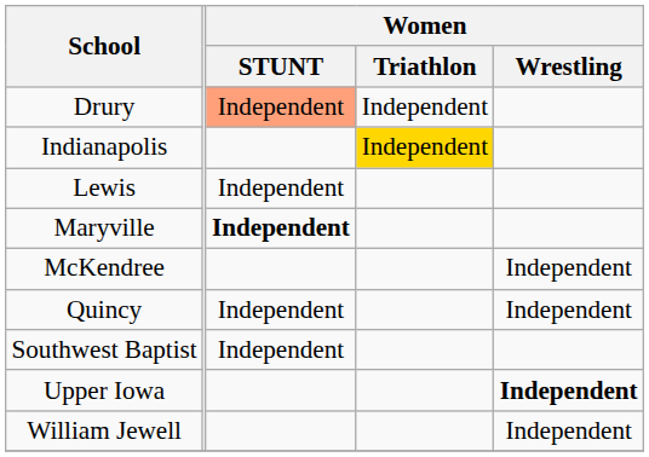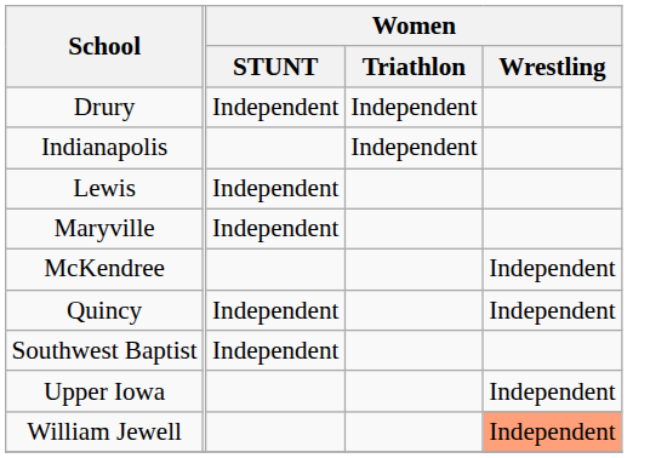 <table class="wikitable" style="text-align:center">
 <tr>
 <th rowspan=2>School</th>
 <th rowspan=11 width=1 style="padding:0"></th>
 <th colspan=3>Women</th>
 </tr>
 <tr>
 <th>STUNT </th>
 <th>Triathlon</th>
 <th>Wrestling</th>
 </tr>
 <tr>
 <td>Drury</td>
-<td style="background: lightsalmon;">Independent</td>
+<td>Independent</td>
 <td>Independent</td>
 <td></td>
 </tr>
 <tr>
 <td>Indianapolis</td>
 <td></td>
-<td style="background: gold;">Independent</td>
+<td>Independent</td>
 <td></td>
 </tr>
 <tr>
 <td>Lewis</td>
 <td>Independent</td>
 <td></td>
 <td></td>
 </tr>
 <tr>
 <td>Maryville</td>
-<td><strong>Independent</strong></td>
+<td>Independent</td>
 <td></td>
 <td></td>
 </tr>
 <tr>
 <td>McKendree</td>
 <td></td>
 <td></td>
 <td>Independent</td>
 </tr>
 <tr>
 <td>Quincy</td>
 <td>Independent</td>
 <td></td>
 <td>Independent</td>
 </tr>
 <tr>
 <td>Southwest Baptist</td>
 <td>Independent</td>
 <td></td>
 <td></td>
 </tr>
 <tr>
 <td>Upper Iowa</td>
 <td></td>
 <td></td>
-<td><strong>Independent</strong></td>
+<td>Independent</td>
 </tr>
 <tr>
 <td>William Jewell</td>
 <td></td>
 <td></td>
-<td>Independent</td>
+<td style="background: lightsalmon;">Independent</td>
 </tr>
 <tr>
 </tr>
 </table>
